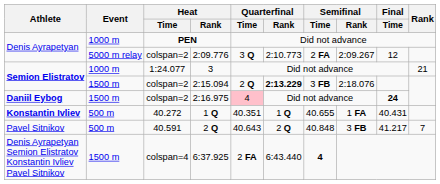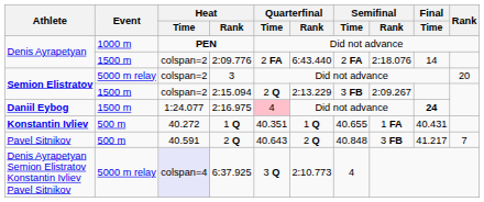 <table class=wikitable style="text-align:center; font-size:90%">
 <tr>
 <th rowspan=2>Athlete</th>
 <th rowspan=2>Event</th>
 <th colspan=2>Heat</th>
 <th colspan=2>Quarterfinal</th>
 <th colspan=2>Semifinal</th>
 <th>Final</th>
 <th rowspan=2>Rank</th>
 </tr>
 <tr style="font-size:95%">
 <th>Time</th>
 <th>Rank</th>
 <th>Time</th>
 <th>Rank</th>
 <th>Time</th>
 <th>Rank</th>
 <th>Time</th>
 </tr>
 <tr>
 <td rowspan=2 align=left><a href='#'>Denis Ayrapetyan</a></td>
 <td align=left><a href='#'>1000 m</a></td>
 <td colspan=2><strong>PEN</strong></td>
 <td colspan=6>Did not advance</td>
 </tr>
 <tr>
-<td align=left><a href='#'>5000 m relay</a></td>
+<td align=left><a href='#'>1500 m</a></td>
 <td>colspan=2 </td>
 <td>2:09.776</td>
-<td>3 <strong>Q</strong></td>
-<td>2:10.773</td>
 <td>2 <strong>FA</strong></td>
-<td>2:09.267</td>
-<td>12</td>
+<td>6:43.440</td>
+<td>2 <strong>FA</strong></td>
+<td>2:18.076</td>
+<td>14</td>
 </tr>
 <tr>
 <td rowspan=2 align=left><strong><a href='#'>Semion Elistratov</a></strong></td>
-<td align=left><a href='#'>1000 m</a></td>
-<td>1:24.077</td>
+<td align=left><a href='#'>5000 m relay</a></td>
+<td>colspan=2 </td>
 <td>3</td>
 <td colspan=5>Did not advance</td>
-<td>21</td>
+<td>20</td>
 </tr>
 <tr>
 <td align=left><a href='#'>1500 m</a></td>
 <td>colspan=2 </td>
 <td>2:15.094</td>
 <td>2 <strong>Q</strong></td>
-<td><strong>2:13.229</strong></td>
+<td>2:13.229</td>
 <td>3 <strong>FB</strong></td>
-<td>2:18.076</td>
+<td>2:09.267</td>
 <td></td>
 </tr>
 <tr>
 <td align=left><strong><a href='#'>Daniil Eybog</a></strong></td>
 <td align=left><a href='#'>1500 m</a></td>
-<td>colspan=2 </td>
+<td>1:24.077</td>
 <td>2:16.975</td>
 <td style="background: pink;">4</td>
 <td colspan=3>Did not advance</td>
 <td><strong>24</strong></td>
 </tr>
 <tr>
 <td align=left><strong><a href='#'>Konstantin Ivliev</a></strong></td>
 <td align=left><a href='#'>500 m</a></td>
 <td>40.272</td>
 <td>1 <strong>Q</strong></td>
 <td>40.351</td>
 <td>1 <strong>Q</strong></td>
 <td>40.655</td>
 <td>1 <strong>FA</strong></td>
 <td>40.431</td>
 <td></td>
 </tr>
 <tr>
 <td align=left><a href='#'>Pavel Sitnikov</a></td>
 <td align=left><a href='#'>500 m</a></td>
 <td>40.591</td>
 <td>2 <strong>Q</strong></td>
 <td>40.643</td>
 <td>2 <strong>Q</strong></td>
 <td>40.848</td>
 <td>3 <strong>FB</strong></td>
 <td>41.217</td>
 <td>7</td>
 </tr>
 <tr>
 <td align=left><a href='#'>Denis Ayrapetyan</a><br><a href='#'>Semion Elistratov</a><br><a href='#'>Konstantin Ivliev</a><br><a href='#'>Pavel Sitnikov</a></td>
-<td align=left><a href='#'>1500 m</a></td>
-<td>colspan=4 </td>
+<td align=left><a href='#'>5000 m relay</a></td>
+<td style="background: lavender;">colspan=4 </td>
 <td>6:37.925</td>
-<td>2 <strong>FA</strong></td>
-<td>6:43.440</td>
-<td><strong>4</strong></td>
+<td>3 <strong>Q</strong></td>
+<td>2:10.773</td>
+<td>4</td>
 </tr>
 </table>
